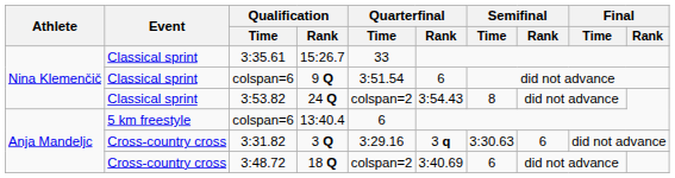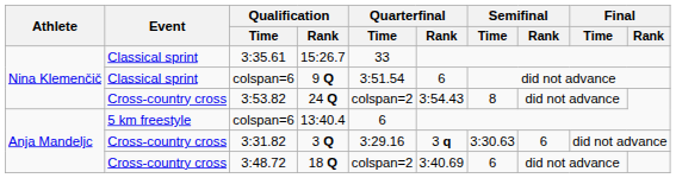 <table class="wikitable" style="font-size:90%">
 <tr>
 <th rowspan="2">Athlete</th>
 <th rowspan="2">Event</th>
 <th colspan="2">Qualification</th>
 <th colspan="2">Quarterfinal</th>
 <th colspan="2">Semifinal</th>
 <th colspan="2">Final</th>
 </tr>
 <tr style="font-size:95%">
 <th>Time</th>
 <th>Rank</th>
 <th>Time</th>
 <th>Rank</th>
 <th>Time</th>
 <th>Rank</th>
 <th>Time</th>
 <th>Rank</th>
 </tr>
 <tr align=center>
 <td align=left rowspan=3><a href='#'>Nina Klemenčič</a></td>
 <td align=left><a href='#'>Classical sprint</a></td>
 <td>3:35.61</td>
 <td>15:26.7</td>
 <td>33</td>
 </tr>
 <tr align=center>
 <td align=left><a href='#'>Classical sprint</a></td>
 <td>colspan=6 </td>
 <td>9 <strong>Q</strong></td>
 <td>3:51.54</td>
 <td>6</td>
 <td colspan=4>did not advance</td>
 </tr>
 <tr align=center>
-<td align=left><a href='#'>Classical sprint</a></td>
+<td align=left><a href='#'>Cross-country cross</a></td>
 <td>3:53.82</td>
 <td>24 <strong>Q</strong></td>
 <td>colspan=2 </td>
 <td>3:54.43</td>
 <td>8</td>
 <td colspan=2>did not advance</td>
 </tr>
 <tr align=center>
 <td align=left rowspan=3><a href='#'>Anja Mandeljc</a></td>
 <td align=left><a href='#'>5 km freestyle</a></td>
 <td>colspan=6 </td>
 <td>13:40.4</td>
 <td>6</td>
 </tr>
 <tr align=center>
 <td align=left><a href='#'>Cross-country cross</a></td>
 <td>3:31.82</td>
 <td>3 <strong>Q</strong></td>
 <td>3:29.16</td>
 <td>3 <strong>q</strong></td>
 <td>3:30.63</td>
 <td>6</td>
 <td colspan=2>did not advance</td>
 </tr>
 <tr align=center>
 <td align=left><a href='#'>Cross-country cross</a></td>
 <td>3:48.72</td>
 <td>18 <strong>Q</strong></td>
 <td>colspan=2 </td>
 <td>3:40.69</td>
 <td>6</td>
 <td colspan=2>did not advance</td>
 </tr>
 </table>
